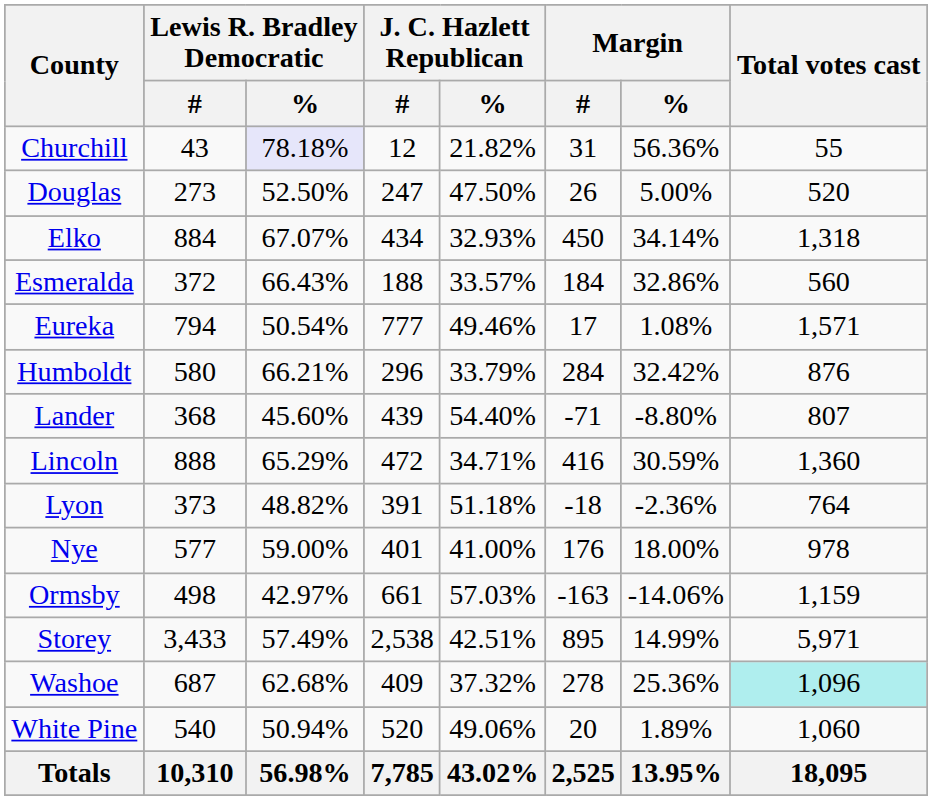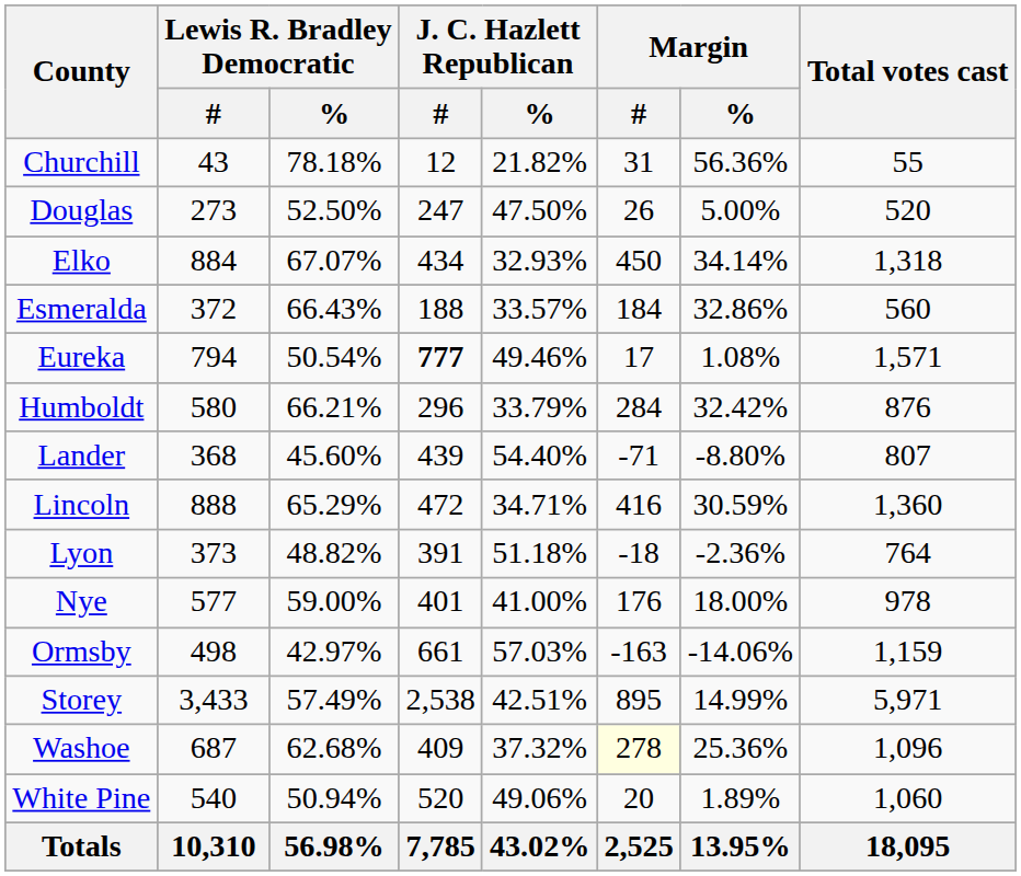 <table class="wikitable sortable" style="text-align:center">
 <tr>
 <th rowspan="2">County</th>
 <th style="text-align:center;" colspan="2">Lewis R. Bradley<br>Democratic</th>
 <th style="text-align:center;" colspan="2">J. C. Hazlett<br>Republican</th>
 <th style="text-align:center;" colspan="2">Margin</th>
 <th style="text-align:center;" rowspan="2">Total votes cast</th>
 </tr>
 <tr>
 <th style="text-align:center;" data-sort-type="number">#</th>
 <th style="text-align:center;" data-sort-type="number">%</th>
 <th style="text-align:center;" data-sort-type="number">#</th>
 <th style="text-align:center;" data-sort-type="number">%</th>
 <th style="text-align:center;" data-sort-type="number">#</th>
 <th style="text-align:center;" data-sort-type="number">%</th>
 </tr>
 <tr style="text-align:center;">
 <td><a href='#'>Churchill</a></td>
 <td>43</td>
-<td style="background: lavender;">78.18%</td>
+<td>78.18%</td>
 <td>12</td>
 <td>21.82%</td>
 <td>31</td>
 <td>56.36%</td>
 <td>55</td>
 </tr>
 <tr style="text-align:center;">
 <td><a href='#'>Douglas</a></td>
 <td>273</td>
 <td>52.50%</td>
 <td>247</td>
 <td>47.50%</td>
 <td>26</td>
 <td>5.00%</td>
 <td>520</td>
 </tr>
 <tr style="text-align:center;">
 <td><a href='#'>Elko</a></td>
 <td>884</td>
 <td>67.07%</td>
 <td>434</td>
 <td>32.93%</td>
 <td>450</td>
 <td>34.14%</td>
 <td>1,318</td>
 </tr>
 <tr style="text-align:center;">
 <td><a href='#'>Esmeralda</a></td>
 <td>372</td>
 <td>66.43%</td>
 <td>188</td>
 <td>33.57%</td>
 <td>184</td>
 <td>32.86%</td>
 <td>560</td>
 </tr>
 <tr style="text-align:center;">
 <td><a href='#'>Eureka</a></td>
 <td>794</td>
 <td>50.54%</td>
-<td>777</td>
+<td><strong>777</strong></td>
 <td>49.46%</td>
 <td>17</td>
 <td>1.08%</td>
 <td>1,571</td>
 </tr>
 <tr style="text-align:center;">
 <td><a href='#'>Humboldt</a></td>
 <td>580</td>
 <td>66.21%</td>
 <td>296</td>
 <td>33.79%</td>
 <td>284</td>
 <td>32.42%</td>
 <td>876</td>
 </tr>
 <tr style="text-align:center;">
 <td><a href='#'>Lander</a></td>
 <td>368</td>
 <td>45.60%</td>
 <td>439</td>
 <td>54.40%</td>
 <td>-71</td>
 <td>-8.80%</td>
 <td>807</td>
 </tr>
 <tr style="text-align:center;">
 <td><a href='#'>Lincoln</a></td>
 <td>888</td>
 <td>65.29%</td>
 <td>472</td>
 <td>34.71%</td>
 <td>416</td>
 <td>30.59%</td>
 <td>1,360</td>
 </tr>
 <tr style="text-align:center;">
 <td><a href='#'>Lyon</a></td>
 <td>373</td>
 <td>48.82%</td>
 <td>391</td>
 <td>51.18%</td>
 <td>-18</td>
 <td>-2.36%</td>
 <td>764</td>
 </tr>
 <tr style="text-align:center;">
 <td><a href='#'>Nye</a></td>
 <td>577</td>
 <td>59.00%</td>
 <td>401</td>
 <td>41.00%</td>
 <td>176</td>
 <td>18.00%</td>
 <td>978</td>
 </tr>
 <tr style="text-align:center;">
 <td><a href='#'>Ormsby</a></td>
 <td>498</td>
 <td>42.97%</td>
 <td>661</td>
 <td>57.03%</td>
 <td>-163</td>
 <td>-14.06%</td>
 <td>1,159</td>
 </tr>
 <tr style="text-align:center;">
 <td><a href='#'>Storey</a></td>
 <td>3,433</td>
 <td>57.49%</td>
 <td>2,538</td>
 <td>42.51%</td>
 <td>895</td>
 <td>14.99%</td>
 <td>5,971</td>
 </tr>
 <tr style="text-align:center;">
 <td><a href='#'>Washoe</a></td>
 <td>687</td>
 <td>62.68%</td>
 <td>409</td>
 <td>37.32%</td>
-<td>278</td>
+<td style="background: lightyellow;">278</td>
 <td>25.36%</td>
-<td style="background: paleturquoise;">1,096</td>
+<td>1,096</td>
 </tr>
 <tr style="text-align:center;">
 <td><a href='#'>White Pine</a></td>
 <td>540</td>
 <td>50.94%</td>
 <td>520</td>
 <td>49.06%</td>
 <td>20</td>
 <td>1.89%</td>
 <td>1,060</td>
 </tr>
 <tr style="text-align:center;">
 <th>Totals</th>
 <th>10,310</th>
 <th>56.98%</th>
 <th>7,785</th>
 <th>43.02%</th>
 <th>2,525</th>
 <th>13.95%</th>
 <th>18,095</th>
 </tr>
 </table>
